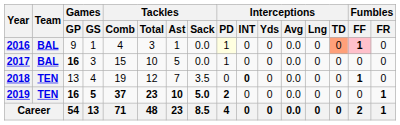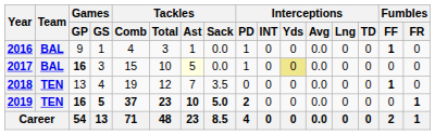 <table class="wikitable" style="text-align:center">
 <tr>
 <th rowspan="2">Year</th>
 <th rowspan="2">Team</th>
 <th colspan="2">Games</th>
 <th colspan="4">Tackles</th>
 <th colspan="6">Interceptions</th>
 <th colspan="2">Fumbles</th>
 </tr>
 <tr>
 <th>GP</th>
 <th>GS</th>
 <th>Comb</th>
 <th>Total</th>
 <th>Ast</th>
 <th>Sack</th>
 <th>PD</th>
 <th>INT</th>
 <th>Yds</th>
 <th>Avg</th>
 <th>Lng</th>
 <th>TD</th>
 <th>FF</th>
 <th>FR</th>
 </tr>
 <tr>
 <th><a href='#'>2016</a></th>
 <th><a href='#'>BAL</a></th>
 <td>9</td>
 <td>1</td>
 <td>4</td>
 <td>3</td>
 <td>1</td>
 <td>0.0</td>
-<td style="background: lightyellow;">1</td>
+<td>1</td>
 <td>0</td>
 <td>0</td>
 <td>0.0</td>
 <td>0</td>
-<td style="background: lightsalmon;">0</td>
-<td style="background: pink;"><strong>1</strong></td>
+<td>0</td>
+<td><strong>1</strong></td>
 <td>0</td>
 </tr>
 <tr>
 <th><a href='#'>2017</a></th>
 <th><a href='#'>BAL</a></th>
 <td><strong>16</strong></td>
 <td>3</td>
 <td>15</td>
 <td>10</td>
-<td>5</td>
+<td style="background: lightyellow;">5</td>
 <td>0.0</td>
 <td>1</td>
 <td>0</td>
-<td>0</td>
+<td style="background: khaki;">0</td>
 <td>0.0</td>
 <td>0</td>
 <td>0</td>
 <td>0</td>
 <td>0</td>
 </tr>
 <tr>
 <th><a href='#'>2018</a></th>
 <th><a href='#'>TEN</a></th>
 <td>13</td>
 <td>4</td>
 <td>19</td>
 <td>12</td>
 <td>7</td>
 <td>3.5</td>
 <td>0</td>
-<td><strong>0</strong></td>
+<td>0</td>
 <td>0</td>
 <td>0.0</td>
 <td>0</td>
 <td>0</td>
 <td><strong>1</strong></td>
 <td>0</td>
 </tr>
 <tr>
 <th><a href='#'>2019</a></th>
 <th><a href='#'>TEN</a></th>
 <td><strong>16</strong></td>
 <td><strong>5</strong></td>
 <td><strong>37</strong></td>
 <td><strong>23</strong></td>
 <td><strong>10</strong></td>
 <td><strong>5.0</strong></td>
 <td><strong>2</strong></td>
 <td>0</td>
 <td>0</td>
 <td>0.0</td>
 <td>0</td>
 <td>0</td>
 <td>0</td>
 <td><strong>1</strong></td>
 </tr>
 <tr>
 <th colspan=2>Career</th>
 <th>54</th>
 <th>13</th>
 <th>71</th>
 <th>48</th>
 <th>23</th>
 <th>8.5</th>
 <th>4</th>
 <th>0</th>
 <th>0</th>
 <th>0.0</th>
 <th>0</th>
 <th>0</th>
 <th>2</th>
 <th>1</th>
 </tr>
 </table>
